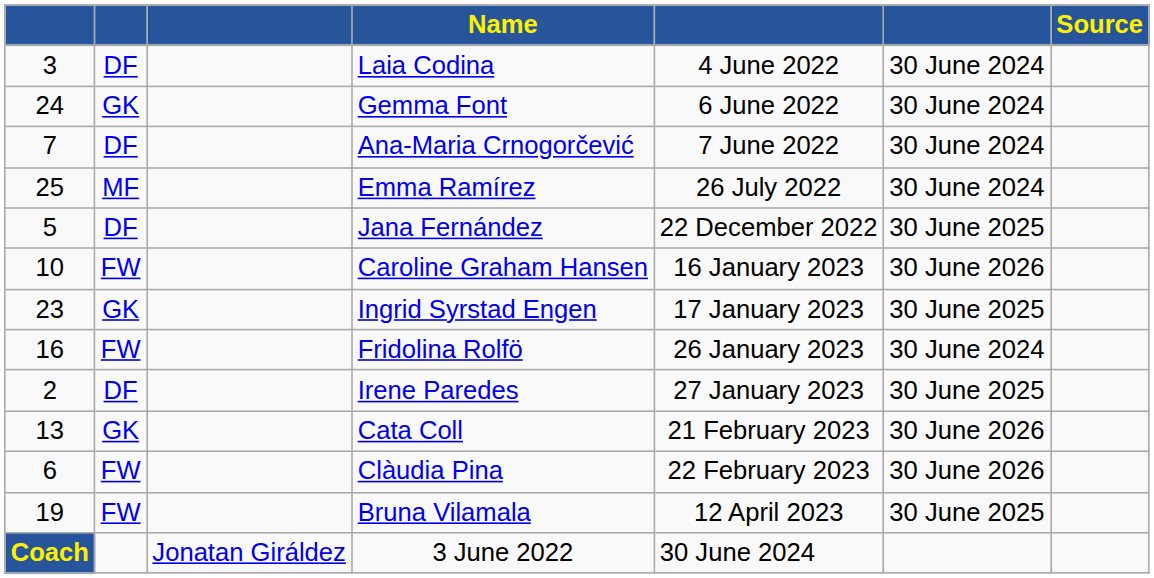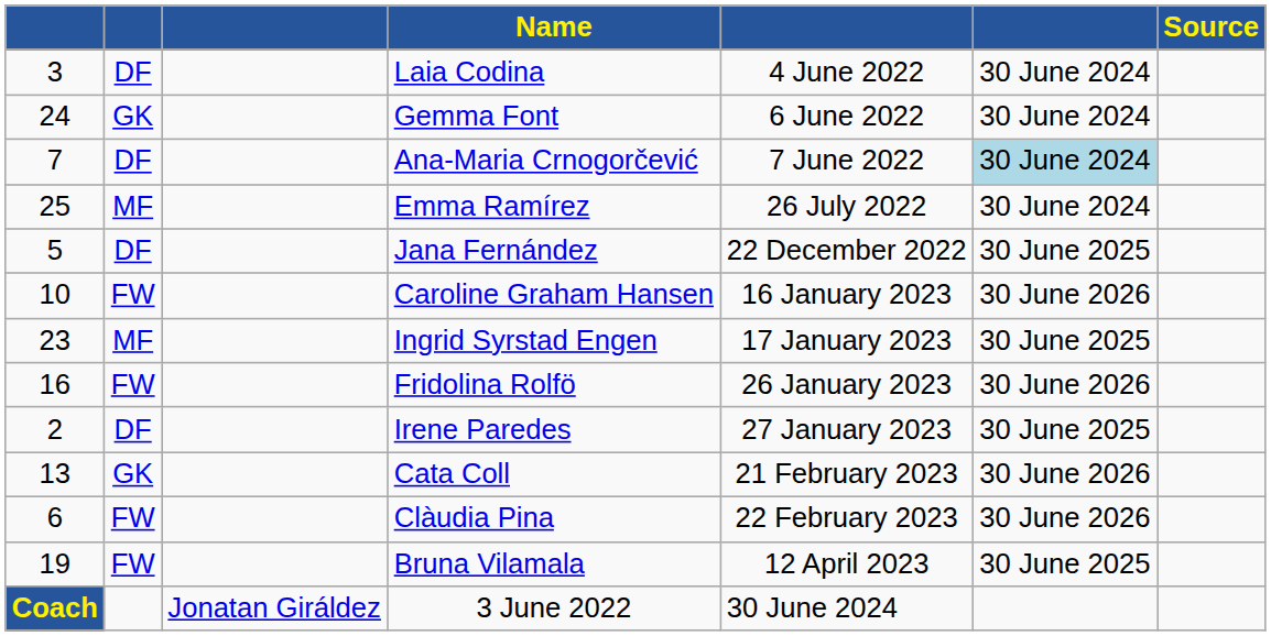 <table class="wikitable">
 <tr>
 <th style="background:#26559B; color:#FFF000; "></th>
 <th style="background:#26559B; color:#FFF000; "></th>
 <th style="background:#26559B; color:#FFF000; "></th>
 <th style="background:#26559B; color:#FFF000; "><strong>Name</strong></th>
 <th style="background:#26559B; color:#FFF000; "></th>
 <th style="background:#26559B; color:#FFF000; "></th>
 <th style="background:#26559B; color:#FFF000; "><strong>Source</strong></th>
 </tr>
 <tr>
 <td style="text-align:center;">3</td>
 <td style="text-align:center;"><a href='#'>DF</a></td>
 <td style="text-align:center;"></td>
 <td><a href='#'>Laia Codina</a></td>
 <td style="text-align:center;">4 June 2022</td>
 <td>30 June 2024</td>
 <td style="text-align:center;"></td>
 </tr>
 <tr>
 <td style="text-align:center;">24</td>
 <td style="text-align:center;"><a href='#'>GK</a></td>
 <td style="text-align:center;"></td>
 <td><a href='#'>Gemma Font</a></td>
 <td style="text-align:center;">6 June 2022</td>
 <td>30 June 2024</td>
 <td style="text-align:center;"></td>
 </tr>
 <tr>
 <td style="text-align:center;">7</td>
 <td style="text-align:center;"><a href='#'>DF</a></td>
 <td style="text-align:center;"></td>
 <td><a href='#'>Ana-Maria Crnogorčević</a></td>
 <td style="text-align:center;">7 June 2022</td>
-<td>30 June 2024</td>
+<td style="background: lightblue;">30 June 2024</td>
 <td style="text-align:center;"></td>
 </tr>
 <tr>
 <td style="text-align:center;">25</td>
 <td style="text-align:center;"><a href='#'>MF</a></td>
 <td style="text-align:center;"></td>
 <td><a href='#'>Emma Ramírez</a></td>
 <td style="text-align:center;">26 July 2022</td>
 <td>30 June 2024</td>
 <td style="text-align:center;"></td>
 </tr>
 <tr>
 <td style="text-align:center;">5</td>
 <td style="text-align:center;"><a href='#'>DF</a></td>
 <td style="text-align:center;"></td>
 <td><a href='#'>Jana Fernández</a></td>
 <td style="text-align:center;">22 December 2022</td>
 <td>30 June 2025</td>
 <td style="text-align:center;"></td>
 </tr>
 <tr>
 <td style="text-align:center;">10</td>
 <td style="text-align:center;"><a href='#'>FW</a></td>
 <td style="text-align:center;"></td>
 <td><a href='#'>Caroline Graham Hansen</a></td>
 <td style="text-align:center;">16 January 2023</td>
 <td>30 June 2026</td>
 <td style="text-align:center;"></td>
 </tr>
 <tr>
 <td style="text-align:center;">23</td>
-<td style="text-align:center;"><a href='#'>GK</a></td>
+<td style="text-align:center;"><a href='#'>MF</a></td>
 <td style="text-align:center;"></td>
 <td><a href='#'>Ingrid Syrstad Engen</a></td>
 <td style="text-align:center;">17 January 2023</td>
 <td>30 June 2025</td>
 <td style="text-align:center;"></td>
 </tr>
 <tr>
 <td style="text-align:center;">16</td>
 <td style="text-align:center;"><a href='#'>FW</a></td>
 <td style="text-align:center;"></td>
 <td><a href='#'>Fridolina Rolfö</a></td>
 <td style="text-align:center;">26 January 2023</td>
-<td>30 June 2024</td>
+<td>30 June 2026</td>
 <td style="text-align:center;"></td>
 </tr>
 <tr>
 <td style="text-align:center;">2</td>
 <td style="text-align:center;"><a href='#'>DF</a></td>
 <td style="text-align:center;"></td>
 <td><a href='#'>Irene Paredes</a></td>
 <td style="text-align:center;">27 January 2023</td>
 <td>30 June 2025</td>
 <td style="text-align:center;"></td>
 </tr>
 <tr>
 <td style="text-align:center;">13</td>
 <td style="text-align:center;"><a href='#'>GK</a></td>
 <td style="text-align:center;"></td>
 <td><a href='#'>Cata Coll</a></td>
 <td style="text-align:center;">21 February 2023</td>
 <td>30 June 2026</td>
 <td style="text-align:center;"></td>
 </tr>
 <tr>
 <td style="text-align:center;">6</td>
 <td style="text-align:center;"><a href='#'>FW</a></td>
 <td style="text-align:center;"></td>
 <td><a href='#'>Clàudia Pina</a></td>
 <td style="text-align:center;">22 February 2023</td>
 <td>30 June 2026</td>
 <td style="text-align:center;"></td>
 </tr>
 <tr>
 <td style="text-align:center;">19</td>
 <td style="text-align:center;"><a href='#'>FW</a></td>
 <td style="text-align:center;"></td>
 <td><a href='#'>Bruna Vilamala</a></td>
 <td style="text-align:center;">12 April 2023</td>
 <td>30 June 2025</td>
 <td style="text-align:center;"></td>
 </tr>
 <tr>
 <th style="background:#26559B; color:#FFF000; ">Coach</th>
 <td style="text-align:center;"></td>
 <td><a href='#'>Jonatan Giráldez</a></td>
 <td style="text-align:center;">3 June 2022</td>
 <td>30 June 2024</td>
 <td style="text-align:center;"></td>
 </tr>
 </table>
